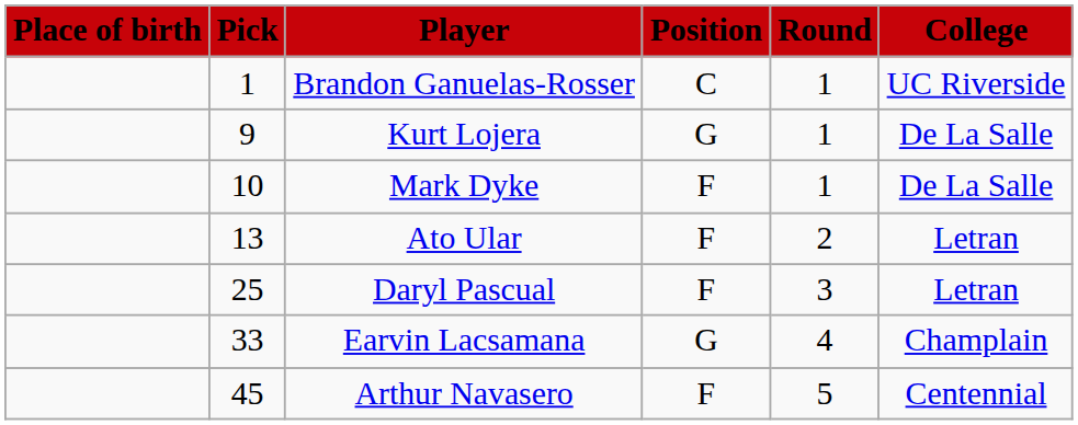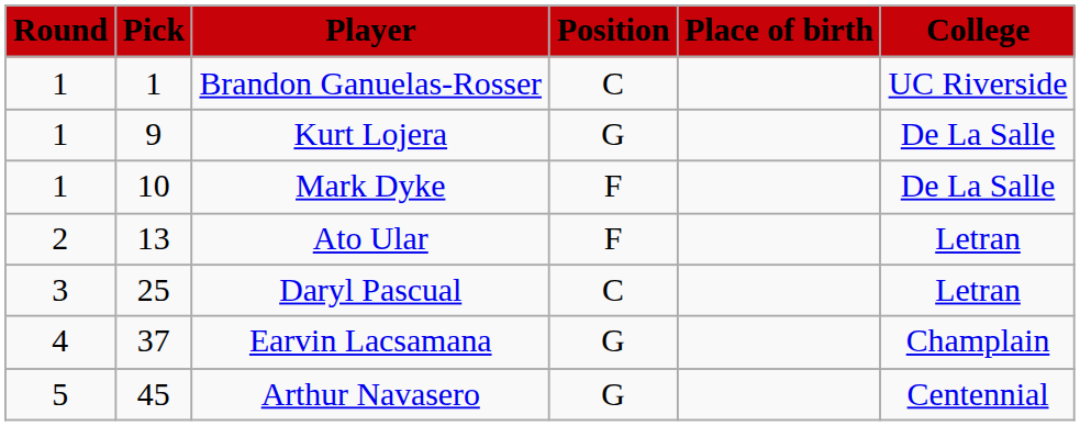 <table class="wikitable sortable sortable" style="text-align:center">
 <tr>
-<th style="background:#C70309; color:#000000; ">Place of birth</th>
+<th style="background:#C70309; color:#000000; ">Round</th>
 <th style="background:#C70309; color:#000000; ">Pick</th>
 <th style="background:#C70309; color:#000000; ">Player</th>
 <th style="background:#C70309; color:#000000; ">Position</th>
-<th style="background:#C70309; color:#000000; ">Round</th>
+<th style="background:#C70309; color:#000000; ">Place of birth</th>
 <th style="background:#C70309; color:#000000; ">College</th>
 </tr>
 <tr>
-<td></td>
+<td>1</td>
 <td>1</td>
 <td><a href='#'>Brandon Ganuelas-Rosser</a></td>
 <td>C</td>
-<td>1</td>
+<td></td>
 <td><a href='#'>UC Riverside</a></td>
 </tr>
 <tr>
-<td></td>
+<td>1</td>
 <td>9</td>
 <td><a href='#'>Kurt Lojera</a></td>
 <td>G</td>
-<td>1</td>
+<td></td>
 <td><a href='#'>De La Salle</a></td>
 </tr>
 <tr>
-<td></td>
+<td>1</td>
 <td>10</td>
 <td><a href='#'>Mark Dyke</a></td>
 <td>F</td>
-<td>1</td>
+<td></td>
 <td><a href='#'>De La Salle</a></td>
 </tr>
 <tr>
-<td></td>
+<td>2</td>
 <td>13</td>
 <td><a href='#'>Ato Ular</a></td>
 <td>F</td>
-<td>2</td>
+<td></td>
 <td><a href='#'>Letran</a></td>
 </tr>
 <tr>
-<td></td>
+<td>3</td>
 <td>25</td>
 <td><a href='#'>Daryl Pascual</a></td>
-<td>F</td>
-<td>3</td>
+<td>C</td>
+<td></td>
 <td><a href='#'>Letran</a></td>
 </tr>
 <tr>
-<td></td>
-<td>33</td>
+<td>4</td>
+<td>37</td>
 <td><a href='#'>Earvin Lacsamana</a></td>
 <td>G</td>
-<td>4</td>
+<td></td>
 <td><a href='#'>Champlain</a></td>
 </tr>
 <tr>
-<td></td>
+<td>5</td>
 <td>45</td>
 <td><a href='#'>Arthur Navasero</a></td>
-<td>F</td>
-<td>5</td>
+<td>G</td>
+<td></td>
 <td><a href='#'>Centennial</a></td>
 </tr>
 </table>
